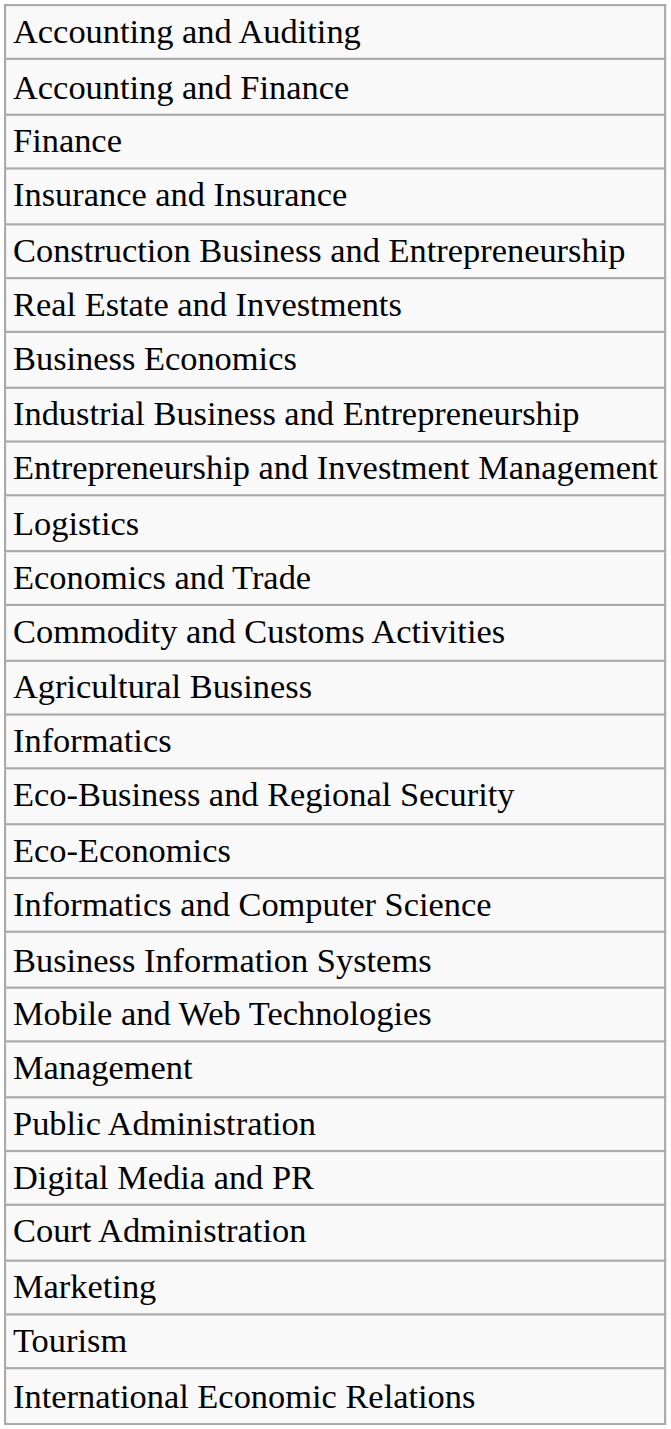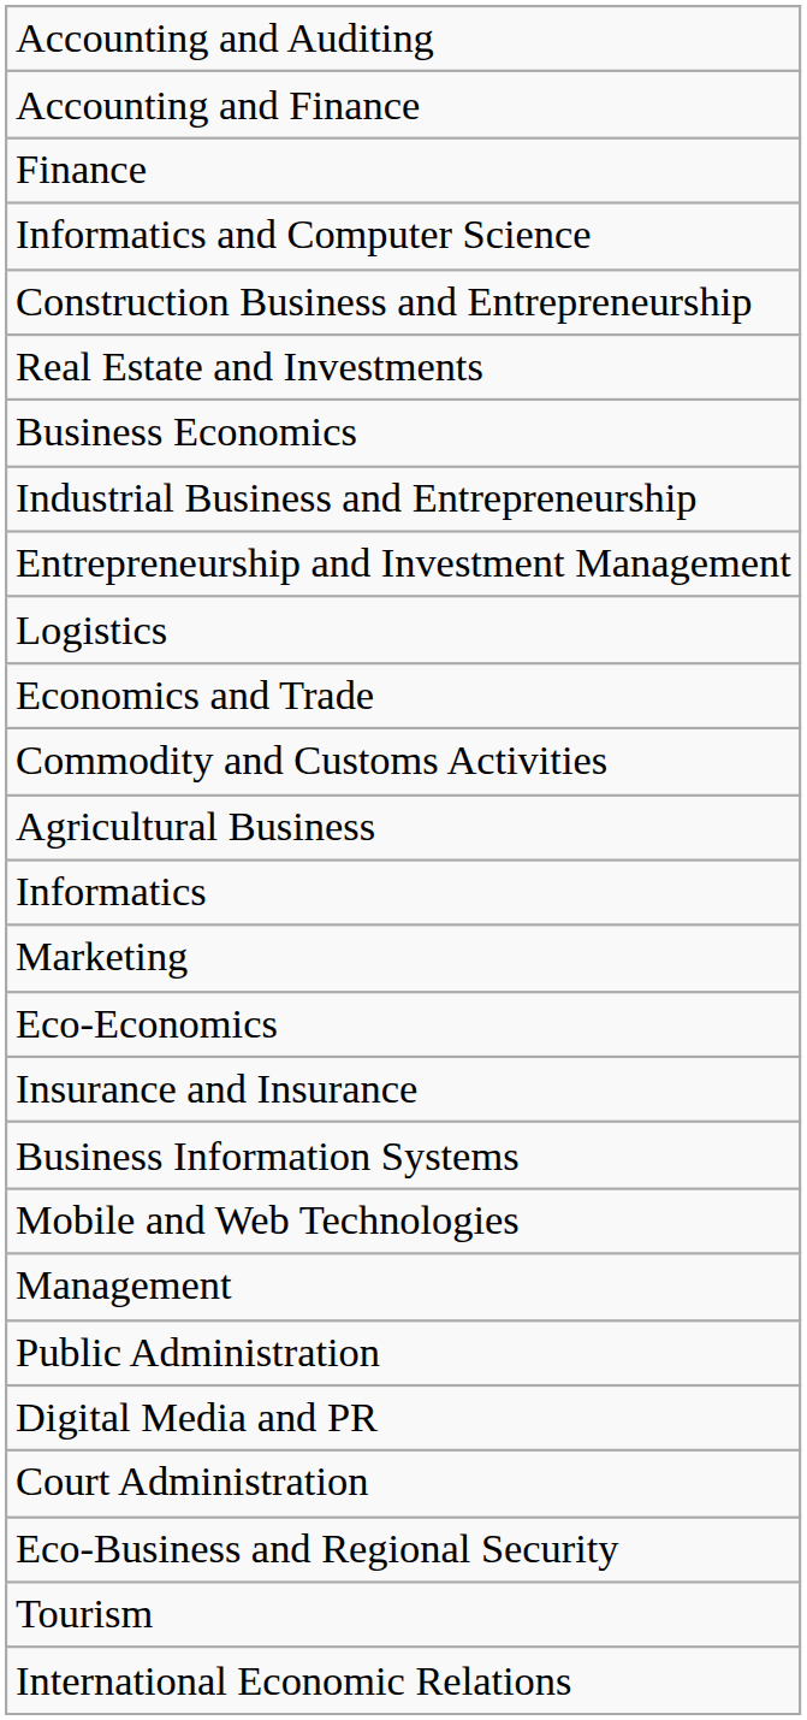 <table class="wikitable">
 <tr>
 <td>Accounting and Auditing</td>
 </tr>
 <tr>
 <td>Accounting and Finance</td>
 </tr>
 <tr>
 <td>Finance</td>
 </tr>
 <tr>
-<td>Insurance and Insurance</td>
+<td>Informatics and Computer Science</td>
 </tr>
 <tr>
 <td>Construction Business and Entrepreneurship</td>
 </tr>
 <tr>
 <td>Real Estate and Investments</td>
 </tr>
 <tr>
 <td>Business Economics</td>
 </tr>
 <tr>
 <td>Industrial Business and Entrepreneurship</td>
 </tr>
 <tr>
 <td>Entrepreneurship and Investment Management</td>
 </tr>
 <tr>
 <td>Logistics</td>
 </tr>
 <tr>
 <td>Economics and Trade</td>
 </tr>
 <tr>
 <td>Commodity and Customs Activities</td>
 </tr>
 <tr>
 <td>Agricultural Business</td>
 </tr>
 <tr>
 <td>Informatics</td>
 </tr>
 <tr>
-<td>Eco-Business and Regional Security</td>
+<td>Marketing</td>
 </tr>
 <tr>
 <td>Eco-Economics</td>
 </tr>
 <tr>
-<td>Informatics and Computer Science</td>
+<td>Insurance and Insurance</td>
 </tr>
 <tr>
 <td>Business Information Systems</td>
 </tr>
 <tr>
 <td>Mobile and Web Technologies</td>
 </tr>
 <tr>
 <td>Management</td>
 </tr>
 <tr>
 <td>Public Administration</td>
 </tr>
 <tr>
 <td>Digital Media and PR</td>
 </tr>
 <tr>
 <td>Court Administration</td>
 </tr>
 <tr>
-<td>Marketing</td>
+<td>Eco-Business and Regional Security</td>
 </tr>
 <tr>
 <td>Tourism</td>
 </tr>
 <tr>
 <td>International Economic Relations</td>
 </tr>
 </table>
